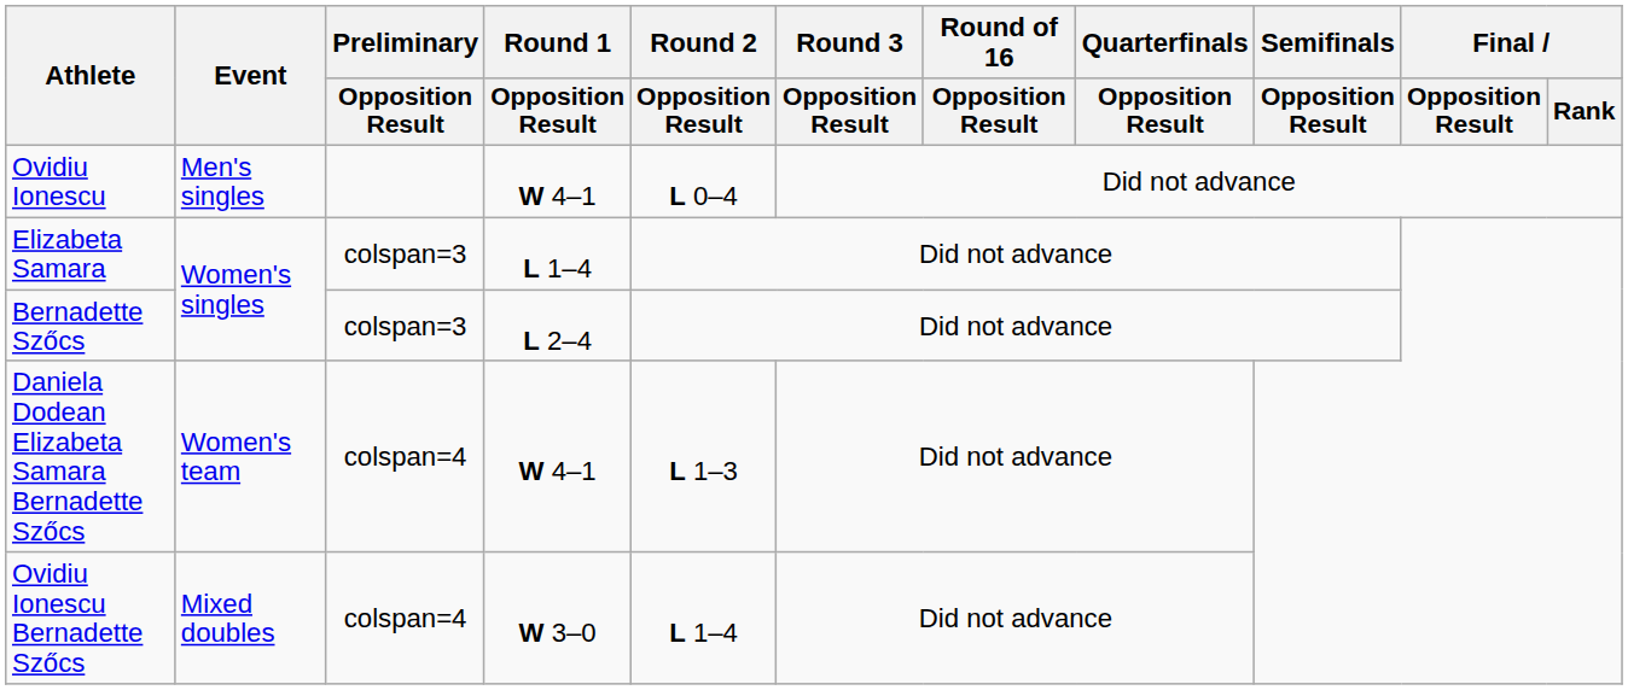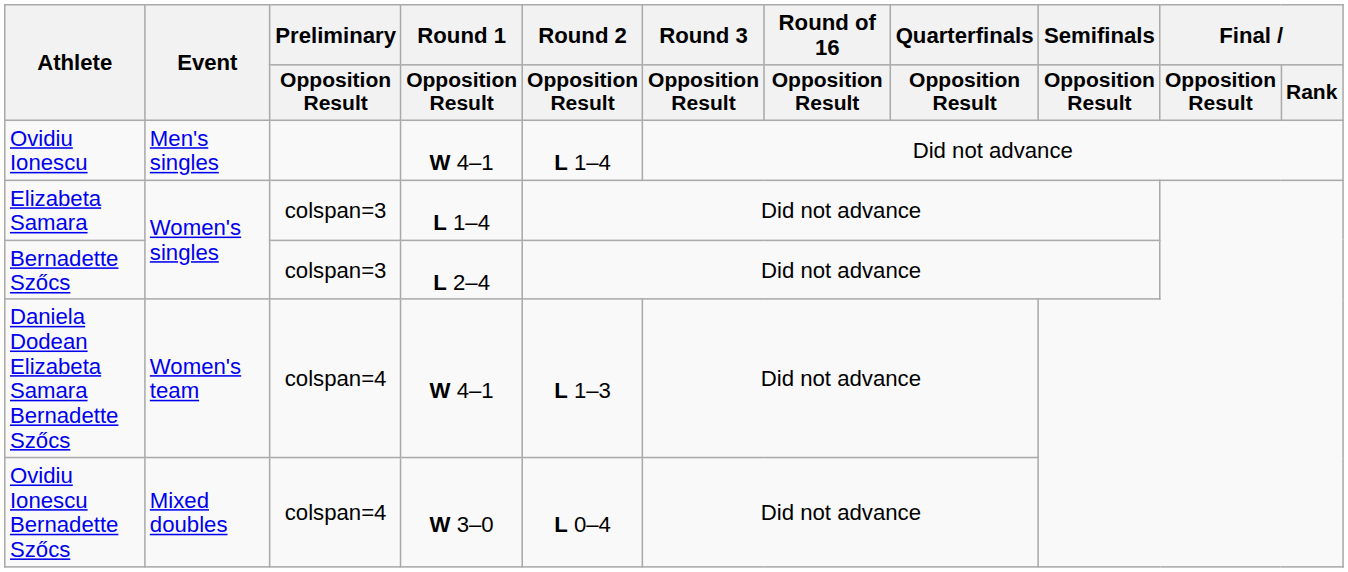 <table class="wikitable" style="font-size:90%;">
 <tr>
 <th rowspan=2>Athlete</th>
 <th rowspan=2>Event</th>
 <th>Preliminary</th>
 <th>Round 1</th>
 <th>Round 2</th>
 <th>Round 3</th>
 <th>Round of 16</th>
 <th>Quarterfinals</th>
 <th>Semifinals</th>
 <th colspan=2>Final / </th>
 </tr>
 <tr style="font-size:95%">
 <th>Opposition<br>Result</th>
 <th>Opposition<br>Result</th>
 <th>Opposition<br>Result</th>
 <th>Opposition<br>Result</th>
 <th>Opposition<br>Result</th>
 <th>Opposition<br>Result</th>
 <th>Opposition<br>Result</th>
 <th>Opposition<br>Result</th>
 <th>Rank</th>
 </tr>
 <tr align=center>
 <td align=left><a href='#'>Ovidiu Ionescu</a></td>
 <td align=left><a href='#'>Men's singles</a></td>
 <td></td>
 <td> <br> <strong>W</strong> 4–1</td>
-<td><br><strong>L</strong> 0–4</td>
+<td> <br> <strong>L</strong> 1–4</td>
 <td colspan=6>Did not advance</td>
 </tr>
 <tr align=center>
 <td align=left><a href='#'>Elizabeta Samara</a></td>
 <td align=left rowspan=2><a href='#'>Women's singles</a></td>
 <td>colspan=3 </td>
 <td> <br> <strong>L</strong> 1–4</td>
 <td colspan=5>Did not advance</td>
 </tr>
 <tr align=center>
 <td align=left><a href='#'>Bernadette Szőcs</a></td>
 <td>colspan=3 </td>
 <td> <br><strong>L</strong> 2–4</td>
 <td colspan=5>Did not advance</td>
 </tr>
 <tr align=center>
 <td align=left><a href='#'>Daniela Dodean</a><br><a href='#'>Elizabeta Samara</a><br><a href='#'>Bernadette Szőcs</a></td>
 <td align=left><a href='#'>Women's team</a></td>
 <td>colspan=4 </td>
 <td><br><strong>W</strong> 4–1</td>
 <td> <br> <strong>L</strong> 1–3</td>
 <td colspan=3>Did not advance</td>
 </tr>
 <tr align=center>
 <td align=left><a href='#'>Ovidiu Ionescu</a><br><a href='#'>Bernadette Szőcs</a></td>
 <td align=left><a href='#'>Mixed doubles</a></td>
 <td>colspan=4 </td>
 <td> <br> <strong>W</strong> 3–0</td>
-<td> <br> <strong>L</strong> 1–4</td>
+<td><br><strong>L</strong> 0–4</td>
 <td colspan=3>Did not advance</td>
 </tr>
 </table>
